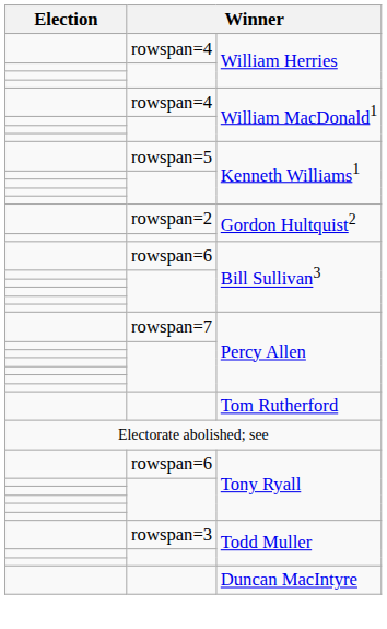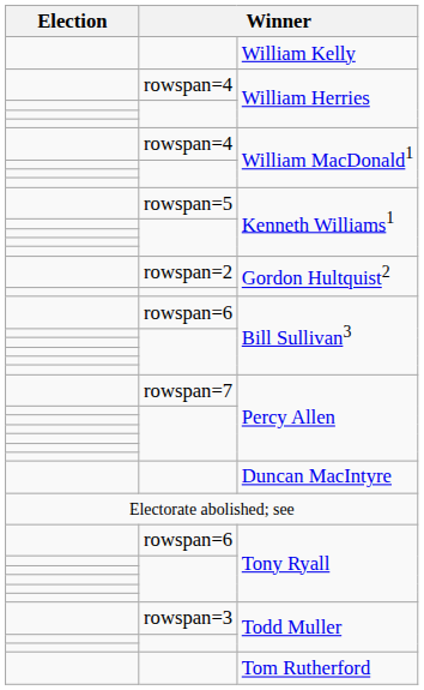 <table class="wikitable">
 <tr>
 <th width=100>Election</th>
 <th style="width:175px;" colspan="2">Winner</th>
+</tr>
+<tr>
+<td></td>
+<td></td>
+<td><a href='#'>William Kelly</a></td>
 </tr>
 <tr>
 <td></td>
 <td>rowspan=4 </td>
 <td rowspan=4><a href='#'>William Herries</a></td>
 </tr>
 <tr>
 <td></td>
 </tr>
 <tr>
 <td></td>
 </tr>
 <tr>
 <td></td>
 </tr>
 <tr>
 <td></td>
 <td>rowspan=4 </td>
 <td rowspan=4><a href='#'>William MacDonald</a><sup>1</sup></td>
 </tr>
 <tr>
 <td></td>
 </tr>
 <tr>
 <td></td>
 </tr>
 <tr>
 <td></td>
 </tr>
 <tr>
 <td></td>
 <td>rowspan=5 </td>
 <td rowspan=5><a href='#'>Kenneth Williams</a><sup>1</sup></td>
 </tr>
 <tr>
 <td></td>
 </tr>
 <tr>
 <td></td>
 </tr>
 <tr>
 <td></td>
 </tr>
 <tr>
 <td></td>
 </tr>
 <tr>
 <td></td>
 <td>rowspan=2 </td>
 <td rowspan=2><a href='#'>Gordon Hultquist</a><sup>2</sup></td>
 </tr>
 <tr>
 <td></td>
 </tr>
 <tr>
 <td></td>
 <td>rowspan=6 </td>
 <td rowspan=6><a href='#'>Bill Sullivan</a><sup>3</sup></td>
 </tr>
 <tr>
 <td></td>
 </tr>
 <tr>
 <td></td>
 </tr>
 <tr>
 <td></td>
 </tr>
 <tr>
 <td></td>
 </tr>
 <tr>
 <td></td>
 </tr>
 <tr>
 <td></td>
 <td>rowspan=7 </td>
 <td rowspan=7><a href='#'>Percy Allen</a></td>
 </tr>
 <tr>
 <td></td>
 </tr>
 <tr>
 <td></td>
 </tr>
 <tr>
 <td></td>
 </tr>
 <tr>
 <td></td>
 </tr>
 <tr>
 <td></td>
 </tr>
 <tr>
 <td></td>
 </tr>
 <tr>
 <td></td>
 <td></td>
-<td><a href='#'>Tom Rutherford</a></td>
+<td><a href='#'>Duncan MacIntyre</a></td>
 </tr>
 <tr>
 <td colspan="3" style="text-align:center;"><small>Electorate abolished; see </small></td>
 </tr>
 <tr>
 <td></td>
 <td>rowspan=6 </td>
 <td rowspan=6><a href='#'>Tony Ryall</a></td>
 </tr>
 <tr>
 <td></td>
 </tr>
 <tr>
 <td></td>
 </tr>
 <tr>
 <td></td>
 </tr>
 <tr>
 <td></td>
 </tr>
 <tr>
 <td></td>
 </tr>
 <tr>
 <td></td>
 <td>rowspan=3 </td>
 <td rowspan=3><a href='#'>Todd Muller</a></td>
 </tr>
 <tr>
 <td></td>
 </tr>
 <tr>
 <td></td>
 </tr>
 <tr>
 <td></td>
 <td></td>
-<td><a href='#'>Duncan MacIntyre</a></td>
+<td><a href='#'>Tom Rutherford</a></td>
 </tr>
 </table>
